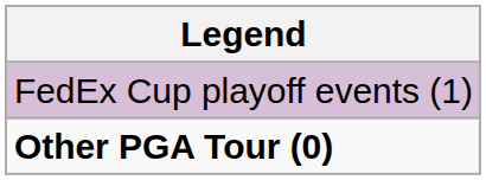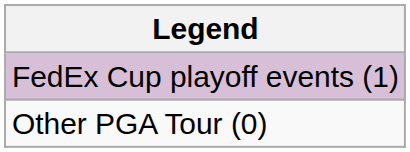 <table class="wikitable" style="font-size:95%;">
 <tr>
 <th>Legend</th>
 </tr>
 <tr style="background:#D8BFD8;">
 <td>FedEx Cup playoff events (1)</td>
 </tr>
 <tr>
-<td><strong>Other PGA Tour (0)</strong></td>
+<td>Other PGA Tour (0)</td>
 </tr>
 </table>
